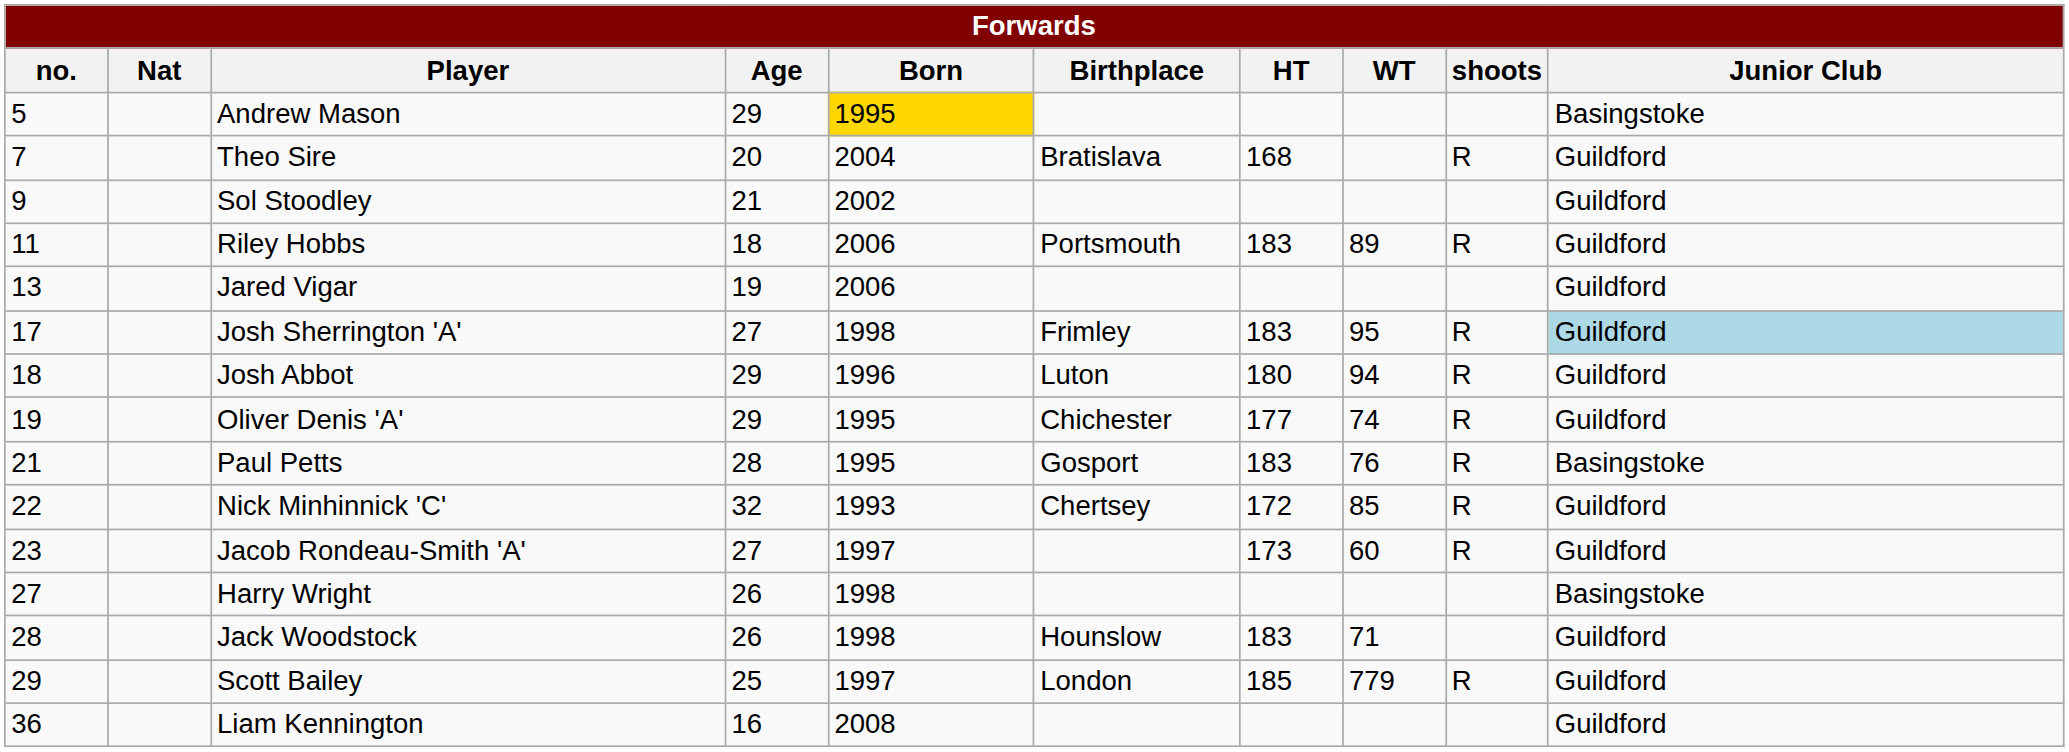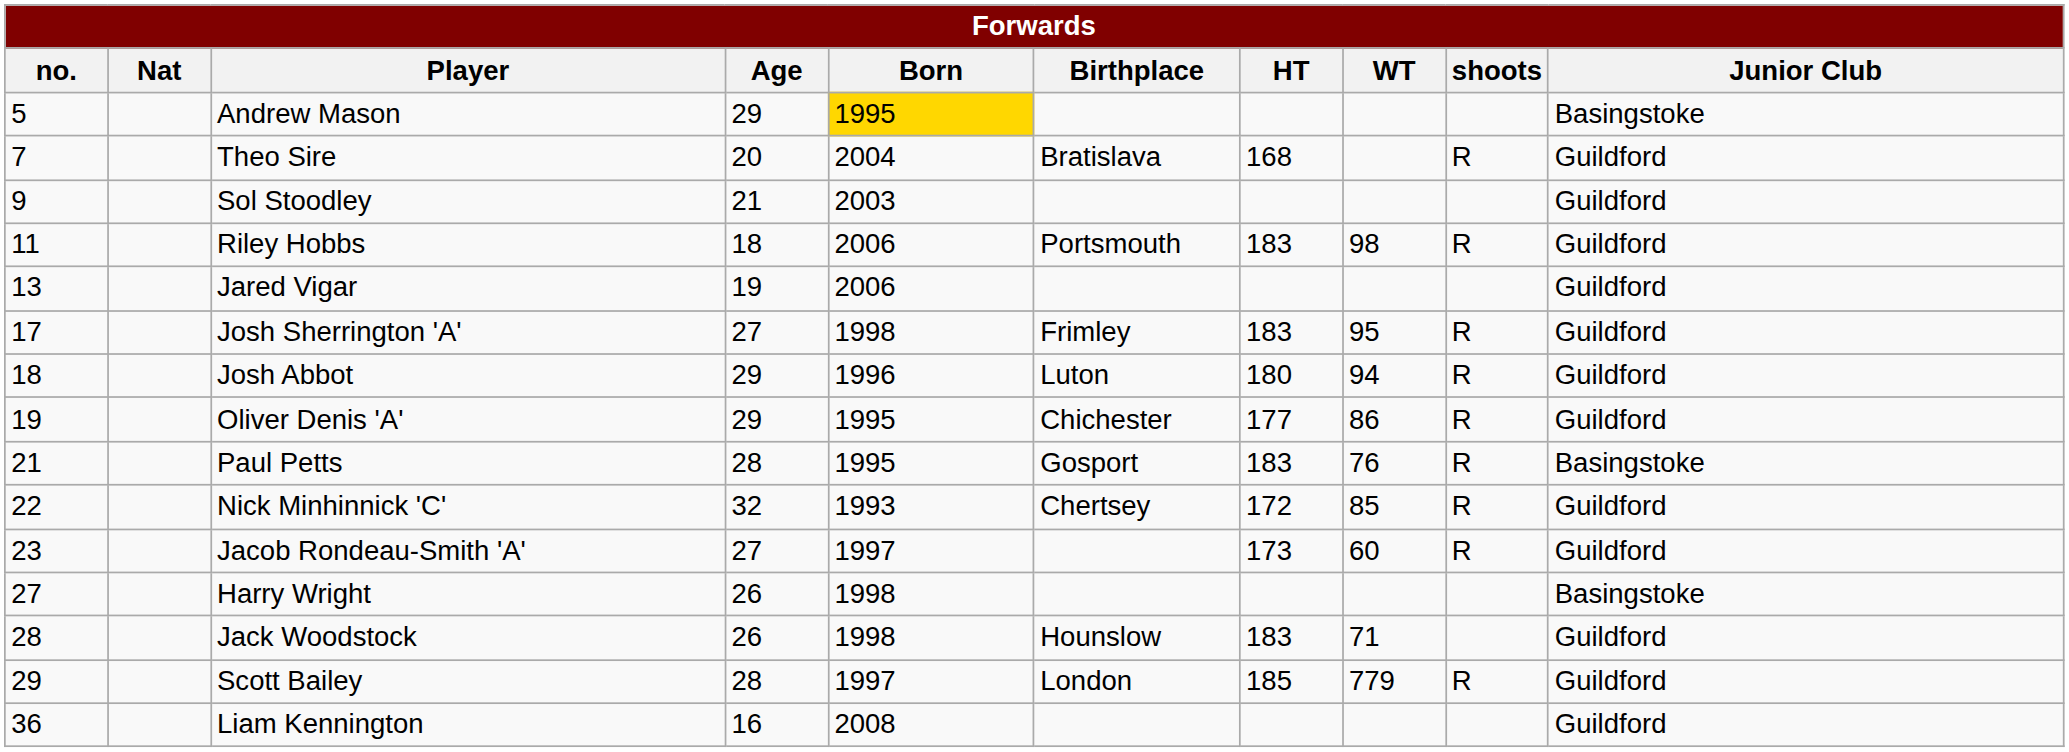 <table class="wikitable">
 <tr>
 <th colspan="10" style="background:#800000; color:white;”">Forwards</th>
 </tr>
 <tr>
 <th width=5%>no.</th>
 <th width=5%>Nat</th>
 <th width=25%>Player</th>
 <th width=5%>Age</th>
 <th width=10%>Born</th>
 <th width=10%>Birthplace</th>
 <th width=5%>HT</th>
 <th width=5%>WT</th>
 <th width=5%>shoots</th>
 <th width=25%>Junior Club</th>
 </tr>
 <tr>
 <td>5</td>
 <td></td>
 <td>Andrew Mason</td>
 <td>29</td>
 <td style="background: gold;">1995</td>
 <td></td>
 <td></td>
 <td></td>
 <td></td>
 <td>Basingstoke</td>
 </tr>
 <tr>
 <td>7</td>
 <td></td>
 <td>Theo Sire</td>
 <td>20</td>
 <td>2004</td>
 <td>Bratislava</td>
 <td>168</td>
 <td></td>
 <td>R</td>
 <td>Guildford</td>
 </tr>
 <tr>
 <td>9</td>
 <td></td>
 <td>Sol Stoodley</td>
 <td>21</td>
-<td>2002</td>
+<td>2003</td>
 <td></td>
 <td></td>
 <td></td>
 <td></td>
 <td>Guildford</td>
 </tr>
 <tr>
 <td>11</td>
 <td></td>
 <td>Riley Hobbs</td>
 <td>18</td>
 <td>2006</td>
 <td>Portsmouth</td>
 <td>183</td>
-<td>89</td>
+<td>98</td>
 <td>R</td>
 <td>Guildford</td>
 </tr>
 <tr>
 <td>13</td>
 <td></td>
 <td>Jared Vigar</td>
 <td>19</td>
 <td>2006</td>
 <td></td>
 <td></td>
 <td></td>
 <td></td>
 <td>Guildford</td>
 </tr>
 <tr>
 <td>17</td>
 <td></td>
 <td>Josh Sherrington 'A'</td>
 <td>27</td>
 <td>1998</td>
 <td>Frimley</td>
 <td>183</td>
 <td>95</td>
 <td>R</td>
-<td style="background: lightblue;">Guildford</td>
+<td>Guildford</td>
 </tr>
 <tr>
 <td>18</td>
 <td></td>
 <td>Josh Abbot</td>
 <td>29</td>
 <td>1996</td>
 <td>Luton</td>
 <td>180</td>
 <td>94</td>
 <td>R</td>
 <td>Guildford</td>
 </tr>
 <tr>
 <td>19</td>
 <td></td>
 <td>Oliver Denis 'A'</td>
 <td>29</td>
 <td>1995</td>
 <td>Chichester</td>
 <td>177</td>
-<td>74</td>
+<td>86</td>
 <td>R</td>
 <td>Guildford</td>
 </tr>
 <tr>
 <td>21</td>
 <td></td>
 <td>Paul Petts</td>
 <td>28</td>
 <td>1995</td>
 <td>Gosport</td>
 <td>183</td>
 <td>76</td>
 <td>R</td>
 <td>Basingstoke</td>
 </tr>
 <tr>
 <td>22</td>
 <td></td>
 <td>Nick Minhinnick 'C'</td>
 <td>32</td>
 <td>1993</td>
 <td>Chertsey</td>
 <td>172</td>
 <td>85</td>
 <td>R</td>
 <td>Guildford</td>
 </tr>
 <tr>
 <td>23</td>
 <td></td>
 <td>Jacob Rondeau-Smith 'A'</td>
 <td>27</td>
 <td>1997</td>
 <td></td>
 <td>173</td>
 <td>60</td>
 <td>R</td>
 <td>Guildford</td>
 </tr>
 <tr>
 <td>27</td>
 <td></td>
 <td>Harry Wright</td>
 <td>26</td>
 <td>1998</td>
 <td></td>
 <td></td>
 <td></td>
 <td></td>
 <td>Basingstoke</td>
 </tr>
 <tr>
 <td>28</td>
 <td></td>
 <td>Jack Woodstock</td>
 <td>26</td>
 <td>1998</td>
 <td>Hounslow</td>
 <td>183</td>
 <td>71</td>
 <td></td>
 <td>Guildford</td>
 </tr>
 <tr>
 <td>29</td>
 <td></td>
 <td>Scott Bailey</td>
-<td>25</td>
+<td>28</td>
 <td>1997</td>
 <td>London</td>
 <td>185</td>
 <td>779</td>
 <td>R</td>
 <td>Guildford</td>
 </tr>
 <tr>
 <td>36</td>
 <td></td>
 <td>Liam Kennington</td>
 <td>16</td>
 <td>2008</td>
 <td></td>
 <td></td>
 <td></td>
 <td></td>
 <td>Guildford</td>
 </tr>
 </table>
